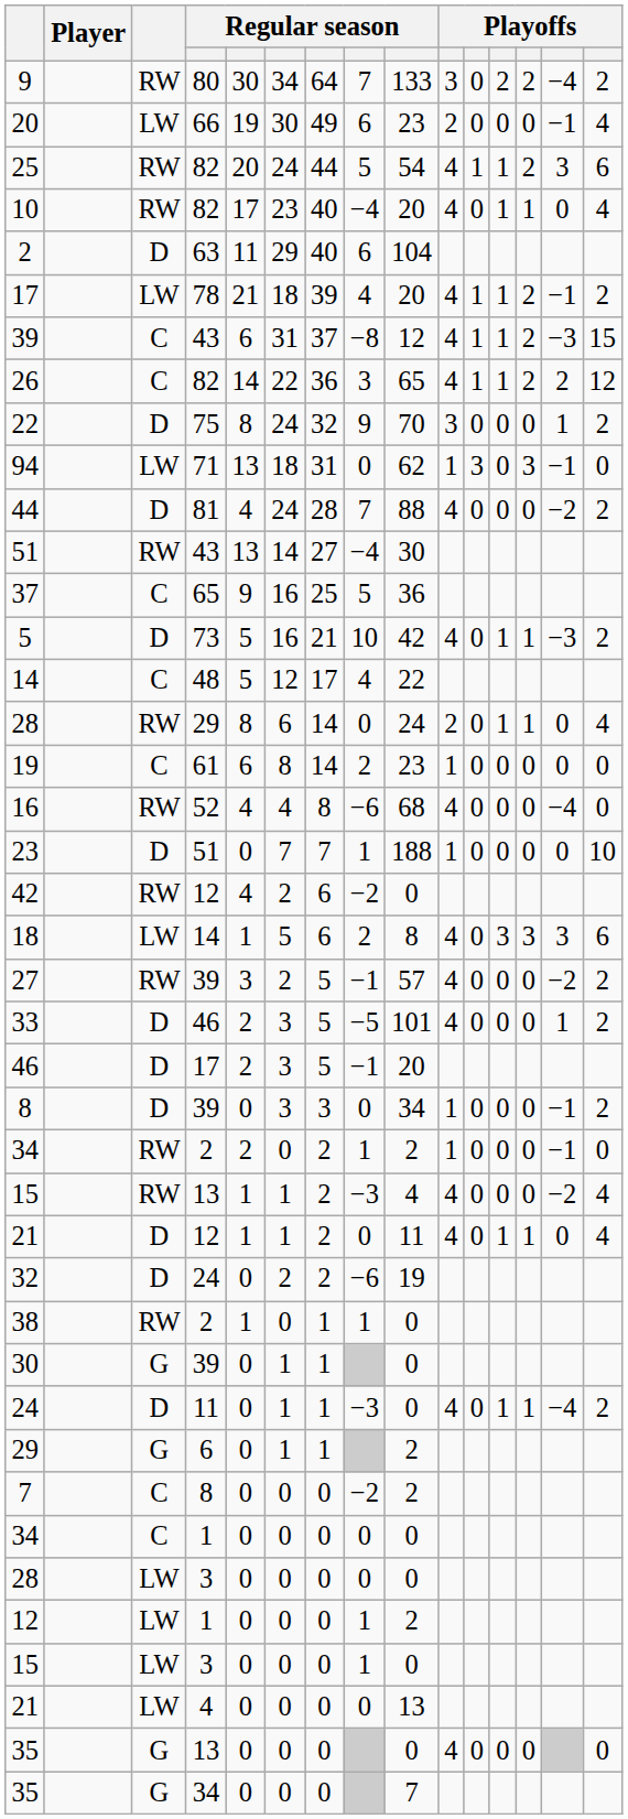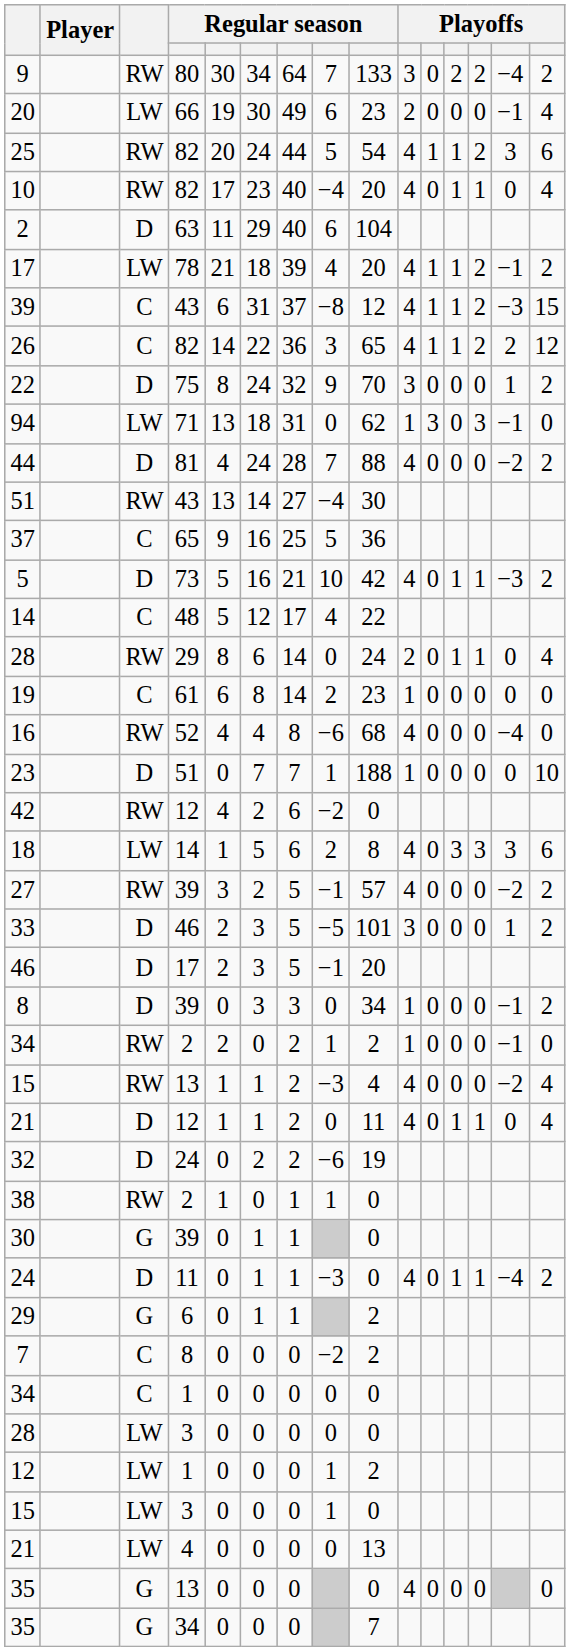 <table class="wikitable sortable plainrowheaders" style="text-align:center;">
 <tr>
 <th scope="col" data-sort-type="number" rowspan="2"></th>
 <th scope="col" rowspan="2">Player</th>
 <th scope="col" rowspan="2"></th>
 <th scope=colgroup colspan=6>Regular season</th>
 <th scope=colgroup colspan=6>Playoffs</th>
 </tr>
 <tr>
 <th scope="col" data-sort-type="number"></th>
 <th scope="col" data-sort-type="number"></th>
 <th scope="col" data-sort-type="number"></th>
 <th scope="col" data-sort-type="number"></th>
 <th scope="col" data-sort-type="number"></th>
 <th scope="col" data-sort-type="number"></th>
 <th scope="col" data-sort-type="number"></th>
 <th scope="col" data-sort-type="number"></th>
 <th scope="col" data-sort-type="number"></th>
 <th scope="col" data-sort-type="number"></th>
 <th scope="col" data-sort-type="number"></th>
 <th scope="col" data-sort-type="number"></th>
 </tr>
 <tr>
 <td scope="row">9</td>
 <td align="left"></td>
 <td>RW</td>
 <td>80</td>
 <td>30</td>
 <td>34</td>
 <td>64</td>
 <td>7</td>
 <td>133</td>
 <td>3</td>
 <td>0</td>
 <td>2</td>
 <td>2</td>
 <td>−4</td>
 <td>2</td>
 </tr>
 <tr>
 <td scope="row">20</td>
 <td align="left"></td>
 <td>LW</td>
 <td>66</td>
 <td>19</td>
 <td>30</td>
 <td>49</td>
 <td>6</td>
 <td>23</td>
 <td>2</td>
 <td>0</td>
 <td>0</td>
 <td>0</td>
 <td>−1</td>
 <td>4</td>
 </tr>
 <tr>
 <td scope="row">25</td>
 <td align="left"></td>
 <td>RW</td>
 <td>82</td>
 <td>20</td>
 <td>24</td>
 <td>44</td>
 <td>5</td>
 <td>54</td>
 <td>4</td>
 <td>1</td>
 <td>1</td>
 <td>2</td>
 <td>3</td>
 <td>6</td>
 </tr>
 <tr>
 <td scope="row">10</td>
 <td align="left"></td>
 <td>RW</td>
 <td>82</td>
 <td>17</td>
 <td>23</td>
 <td>40</td>
 <td>−4</td>
 <td>20</td>
 <td>4</td>
 <td>0</td>
 <td>1</td>
 <td>1</td>
 <td>0</td>
 <td>4</td>
 </tr>
 <tr>
 <td scope="row">2</td>
 <td align="left"></td>
 <td>D</td>
 <td>63</td>
 <td>11</td>
 <td>29</td>
 <td>40</td>
 <td>6</td>
 <td>104</td>
 <td></td>
 <td></td>
 <td></td>
 <td></td>
 <td></td>
 <td></td>
 </tr>
 <tr>
 <td scope="row">17</td>
 <td align="left"></td>
 <td>LW</td>
 <td>78</td>
 <td>21</td>
 <td>18</td>
 <td>39</td>
 <td>4</td>
 <td>20</td>
 <td>4</td>
 <td>1</td>
 <td>1</td>
 <td>2</td>
 <td>−1</td>
 <td>2</td>
 </tr>
 <tr>
 <td scope="row">39</td>
 <td align="left"></td>
 <td>C</td>
 <td>43</td>
 <td>6</td>
 <td>31</td>
 <td>37</td>
 <td>−8</td>
 <td>12</td>
 <td>4</td>
 <td>1</td>
 <td>1</td>
 <td>2</td>
 <td>−3</td>
 <td>15</td>
 </tr>
 <tr>
 <td scope="row">26</td>
 <td align="left"></td>
 <td>C</td>
 <td>82</td>
 <td>14</td>
 <td>22</td>
 <td>36</td>
 <td>3</td>
 <td>65</td>
 <td>4</td>
 <td>1</td>
 <td>1</td>
 <td>2</td>
 <td>2</td>
 <td>12</td>
 </tr>
 <tr>
 <td scope="row">22</td>
 <td align="left"></td>
 <td>D</td>
 <td>75</td>
 <td>8</td>
 <td>24</td>
 <td>32</td>
 <td>9</td>
 <td>70</td>
 <td>3</td>
 <td>0</td>
 <td>0</td>
 <td>0</td>
 <td>1</td>
 <td>2</td>
 </tr>
 <tr>
 <td scope="row">94</td>
 <td align="left"></td>
 <td>LW</td>
 <td>71</td>
 <td>13</td>
 <td>18</td>
 <td>31</td>
 <td>0</td>
 <td>62</td>
 <td>1</td>
 <td>3</td>
 <td>0</td>
 <td>3</td>
 <td>−1</td>
 <td>0</td>
 </tr>
 <tr>
 <td scope="row">44</td>
 <td align="left"></td>
 <td>D</td>
 <td>81</td>
 <td>4</td>
 <td>24</td>
 <td>28</td>
 <td>7</td>
 <td>88</td>
 <td>4</td>
 <td>0</td>
 <td>0</td>
 <td>0</td>
 <td>−2</td>
 <td>2</td>
 </tr>
 <tr>
 <td scope="row">51</td>
 <td align="left"></td>
 <td>RW</td>
 <td>43</td>
 <td>13</td>
 <td>14</td>
 <td>27</td>
 <td>−4</td>
 <td>30</td>
 <td></td>
 <td></td>
 <td></td>
 <td></td>
 <td></td>
 <td></td>
 </tr>
 <tr>
 <td scope="row">37</td>
 <td align="left"></td>
 <td>C</td>
 <td>65</td>
 <td>9</td>
 <td>16</td>
 <td>25</td>
 <td>5</td>
 <td>36</td>
 <td></td>
 <td></td>
 <td></td>
 <td></td>
 <td></td>
 <td></td>
 </tr>
 <tr>
 <td scope="row">5</td>
 <td align="left"></td>
 <td>D</td>
 <td>73</td>
 <td>5</td>
 <td>16</td>
 <td>21</td>
 <td>10</td>
 <td>42</td>
 <td>4</td>
 <td>0</td>
 <td>1</td>
 <td>1</td>
 <td>−3</td>
 <td>2</td>
 </tr>
 <tr>
 <td scope="row">14</td>
 <td align="left"></td>
 <td>C</td>
 <td>48</td>
 <td>5</td>
 <td>12</td>
 <td>17</td>
 <td>4</td>
 <td>22</td>
 <td></td>
 <td></td>
 <td></td>
 <td></td>
 <td></td>
 <td></td>
 </tr>
 <tr>
 <td scope="row">28</td>
 <td align="left"></td>
 <td>RW</td>
 <td>29</td>
 <td>8</td>
 <td>6</td>
 <td>14</td>
 <td>0</td>
 <td>24</td>
 <td>2</td>
 <td>0</td>
 <td>1</td>
 <td>1</td>
 <td>0</td>
 <td>4</td>
 </tr>
 <tr>
 <td scope="row">19</td>
 <td align="left"></td>
 <td>C</td>
 <td>61</td>
 <td>6</td>
 <td>8</td>
 <td>14</td>
 <td>2</td>
 <td>23</td>
 <td>1</td>
 <td>0</td>
 <td>0</td>
 <td>0</td>
 <td>0</td>
 <td>0</td>
 </tr>
 <tr>
 <td scope="row">16</td>
 <td align="left"></td>
 <td>RW</td>
 <td>52</td>
 <td>4</td>
 <td>4</td>
 <td>8</td>
 <td>−6</td>
 <td>68</td>
 <td>4</td>
 <td>0</td>
 <td>0</td>
 <td>0</td>
 <td>−4</td>
 <td>0</td>
 </tr>
 <tr>
 <td scope="row">23</td>
 <td align="left"></td>
 <td>D</td>
 <td>51</td>
 <td>0</td>
 <td>7</td>
 <td>7</td>
 <td>1</td>
 <td>188</td>
 <td>1</td>
 <td>0</td>
 <td>0</td>
 <td>0</td>
 <td>0</td>
 <td>10</td>
 </tr>
 <tr>
 <td scope="row">42</td>
 <td align="left"></td>
 <td>RW</td>
 <td>12</td>
 <td>4</td>
 <td>2</td>
 <td>6</td>
 <td>−2</td>
 <td>0</td>
 <td></td>
 <td></td>
 <td></td>
 <td></td>
 <td></td>
 <td></td>
 </tr>
 <tr>
 <td scope="row">18</td>
 <td align="left"></td>
 <td>LW</td>
 <td>14</td>
 <td>1</td>
 <td>5</td>
 <td>6</td>
 <td>2</td>
 <td>8</td>
 <td>4</td>
 <td>0</td>
 <td>3</td>
 <td>3</td>
 <td>3</td>
 <td>6</td>
 </tr>
 <tr>
 <td scope="row">27</td>
 <td align="left"></td>
 <td>RW</td>
 <td>39</td>
 <td>3</td>
 <td>2</td>
 <td>5</td>
 <td>−1</td>
 <td>57</td>
 <td>4</td>
 <td>0</td>
 <td>0</td>
 <td>0</td>
 <td>−2</td>
 <td>2</td>
 </tr>
 <tr>
 <td scope="row">33</td>
 <td align="left"></td>
 <td>D</td>
 <td>46</td>
 <td>2</td>
 <td>3</td>
 <td>5</td>
 <td>−5</td>
 <td>101</td>
-<td>4</td>
+<td>3</td>
 <td>0</td>
 <td>0</td>
 <td>0</td>
 <td>1</td>
 <td>2</td>
 </tr>
 <tr>
 <td scope="row">46</td>
 <td align="left"></td>
 <td>D</td>
 <td>17</td>
 <td>2</td>
 <td>3</td>
 <td>5</td>
 <td>−1</td>
 <td>20</td>
 <td></td>
 <td></td>
 <td></td>
 <td></td>
 <td></td>
 <td></td>
 </tr>
 <tr>
 <td scope="row">8</td>
 <td align="left"></td>
 <td>D</td>
 <td>39</td>
 <td>0</td>
 <td>3</td>
 <td>3</td>
 <td>0</td>
 <td>34</td>
 <td>1</td>
 <td>0</td>
 <td>0</td>
 <td>0</td>
 <td>−1</td>
 <td>2</td>
 </tr>
 <tr>
 <td scope="row">34</td>
 <td align="left"></td>
 <td>RW</td>
 <td>2</td>
 <td>2</td>
 <td>0</td>
 <td>2</td>
 <td>1</td>
 <td>2</td>
 <td>1</td>
 <td>0</td>
 <td>0</td>
 <td>0</td>
 <td>−1</td>
 <td>0</td>
 </tr>
 <tr>
 <td scope="row">15</td>
 <td align="left"></td>
 <td>RW</td>
 <td>13</td>
 <td>1</td>
 <td>1</td>
 <td>2</td>
 <td>−3</td>
 <td>4</td>
 <td>4</td>
 <td>0</td>
 <td>0</td>
 <td>0</td>
 <td>−2</td>
 <td>4</td>
 </tr>
 <tr>
 <td scope="row">21</td>
 <td align="left"></td>
 <td>D</td>
 <td>12</td>
 <td>1</td>
 <td>1</td>
 <td>2</td>
 <td>0</td>
 <td>11</td>
 <td>4</td>
 <td>0</td>
 <td>1</td>
 <td>1</td>
 <td>0</td>
 <td>4</td>
 </tr>
 <tr>
 <td scope="row">32</td>
 <td align="left"></td>
 <td>D</td>
 <td>24</td>
 <td>0</td>
 <td>2</td>
 <td>2</td>
 <td>−6</td>
 <td>19</td>
 <td></td>
 <td></td>
 <td></td>
 <td></td>
 <td></td>
 <td></td>
 </tr>
 <tr>
 <td scope="row">38</td>
 <td align="left"></td>
 <td>RW</td>
 <td>2</td>
 <td>1</td>
 <td>0</td>
 <td>1</td>
 <td>1</td>
 <td>0</td>
 <td></td>
 <td></td>
 <td></td>
 <td></td>
 <td></td>
 <td></td>
 </tr>
 <tr>
 <td scope="row">30</td>
 <td align="left"></td>
 <td>G</td>
 <td>39</td>
 <td>0</td>
 <td>1</td>
 <td>1</td>
 <td style="background:#ccc"></td>
 <td>0</td>
 <td></td>
 <td></td>
 <td></td>
 <td></td>
 <td></td>
 <td></td>
 </tr>
 <tr>
 <td scope="row">24</td>
 <td align="left"></td>
 <td>D</td>
 <td>11</td>
 <td>0</td>
 <td>1</td>
 <td>1</td>
 <td>−3</td>
 <td>0</td>
 <td>4</td>
 <td>0</td>
 <td>1</td>
 <td>1</td>
 <td>−4</td>
 <td>2</td>
 </tr>
 <tr>
 <td scope="row">29</td>
 <td align="left"></td>
 <td>G</td>
 <td>6</td>
 <td>0</td>
 <td>1</td>
 <td>1</td>
 <td style="background:#ccc"></td>
 <td>2</td>
 <td></td>
 <td></td>
 <td></td>
 <td></td>
 <td></td>
 <td></td>
 </tr>
 <tr>
 <td scope="row">7</td>
 <td align="left"></td>
 <td>C</td>
 <td>8</td>
 <td>0</td>
 <td>0</td>
 <td>0</td>
 <td>−2</td>
 <td>2</td>
 <td></td>
 <td></td>
 <td></td>
 <td></td>
 <td></td>
 <td></td>
 </tr>
 <tr>
 <td scope="row">34</td>
 <td align="left"></td>
 <td>C</td>
 <td>1</td>
 <td>0</td>
 <td>0</td>
 <td>0</td>
 <td>0</td>
 <td>0</td>
 <td></td>
 <td></td>
 <td></td>
 <td></td>
 <td></td>
 <td></td>
 </tr>
 <tr>
 <td scope="row">28</td>
 <td align="left"></td>
 <td>LW</td>
 <td>3</td>
 <td>0</td>
 <td>0</td>
 <td>0</td>
 <td>0</td>
 <td>0</td>
 <td></td>
 <td></td>
 <td></td>
 <td></td>
 <td></td>
 <td></td>
 </tr>
 <tr>
 <td scope="row">12</td>
 <td align="left"></td>
 <td>LW</td>
 <td>1</td>
 <td>0</td>
 <td>0</td>
 <td>0</td>
 <td>1</td>
 <td>2</td>
 <td></td>
 <td></td>
 <td></td>
 <td></td>
 <td></td>
 <td></td>
 </tr>
 <tr>
 <td scope="row">15</td>
 <td align="left"></td>
 <td>LW</td>
 <td>3</td>
 <td>0</td>
 <td>0</td>
 <td>0</td>
 <td>1</td>
 <td>0</td>
 <td></td>
 <td></td>
 <td></td>
 <td></td>
 <td></td>
 <td></td>
 </tr>
 <tr>
 <td scope="row">21</td>
 <td align="left"></td>
 <td>LW</td>
 <td>4</td>
 <td>0</td>
 <td>0</td>
 <td>0</td>
 <td>0</td>
 <td>13</td>
 <td></td>
 <td></td>
 <td></td>
 <td></td>
 <td></td>
 <td></td>
 </tr>
 <tr>
 <td scope="row">35</td>
 <td align="left"></td>
 <td>G</td>
 <td>13</td>
 <td>0</td>
 <td>0</td>
 <td>0</td>
 <td style="background:#ccc"></td>
 <td>0</td>
 <td>4</td>
 <td>0</td>
 <td>0</td>
 <td>0</td>
 <td style="background:#ccc"></td>
 <td>0</td>
 </tr>
 <tr>
 <td scope="row">35</td>
 <td align="left"></td>
 <td>G</td>
 <td>34</td>
 <td>0</td>
 <td>0</td>
 <td>0</td>
 <td style="background:#ccc"></td>
 <td>7</td>
 <td></td>
 <td></td>
 <td></td>
 <td></td>
 <td></td>
 <td></td>
 </tr>
 </table>
